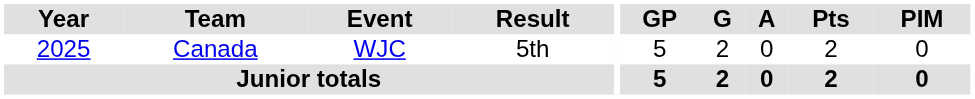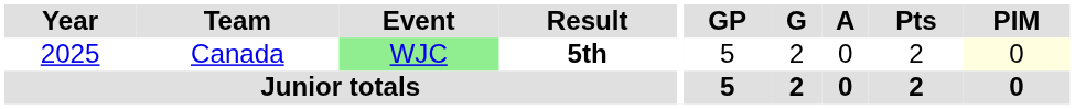 <table border="0" cellpadding="1" cellspacing="0" ID="Table3" style="text-align:center; width:40em">
 <tr bgcolor="#e0e0e0">
 <th>Year</th>
 <th>Team</th>
 <th>Event</th>
 <th>Result</th>
 <th rowspan="99" bgcolor="#ffffff"></th>
 <th>GP</th>
 <th>G</th>
 <th>A</th>
 <th>Pts</th>
 <th>PIM</th>
 </tr>
 <tr>
 <td><a href='#'>2025</a></td>
 <td><a href='#'>Canada</a></td>
-<td><a href='#'>WJC</a></td>
-<td>5th</td>
+<td style="background: lightgreen;"><a href='#'>WJC</a></td>
+<td><strong>5th</strong></td>
 <td>5</td>
 <td>2</td>
 <td>0</td>
 <td>2</td>
-<td>0</td>
+<td style="background: lightyellow;">0</td>
 </tr>
 <tr bgcolor="#e0e0e0">
 <th colspan="4">Junior totals</th>
 <th>5</th>
 <th>2</th>
 <th>0</th>
 <th>2</th>
 <th>0</th>
 </tr>
 </table>
